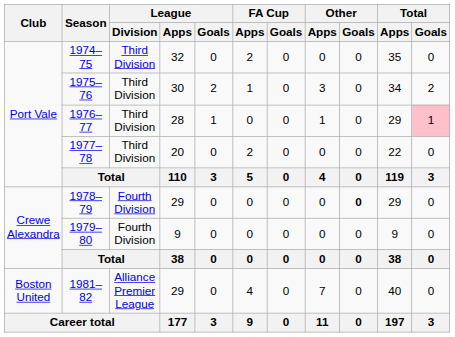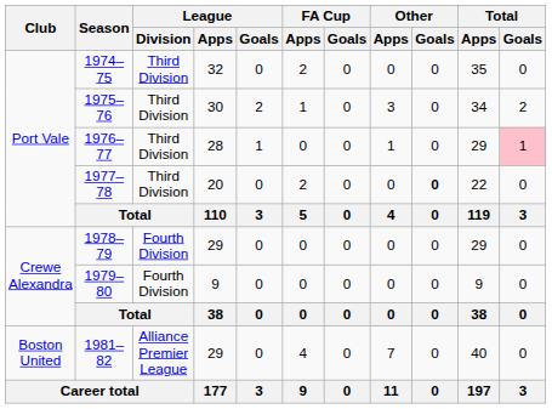 <table class="wikitable" style="text-align: center;">
 <tr>
 <th rowspan="2">Club</th>
 <th rowspan="2">Season</th>
 <th colspan="3">League</th>
 <th colspan="2">FA Cup</th>
 <th colspan="2">Other</th>
 <th colspan="2">Total</th>
 </tr>
 <tr>
 <th>Division</th>
 <th>Apps</th>
 <th>Goals</th>
 <th>Apps</th>
 <th>Goals</th>
 <th>Apps</th>
 <th>Goals</th>
 <th>Apps</th>
 <th>Goals</th>
 </tr>
 <tr>
 <td rowspan="5"><a href='#'>Port Vale</a></td>
 <td><a href='#'>1974–75</a></td>
 <td><a href='#'>Third Division</a></td>
 <td>32</td>
 <td>0</td>
 <td>2</td>
 <td>0</td>
 <td>0</td>
 <td>0</td>
 <td>35</td>
 <td>0</td>
 </tr>
 <tr>
 <td><a href='#'>1975–76</a></td>
 <td>Third Division</td>
 <td>30</td>
 <td>2</td>
 <td>1</td>
 <td>0</td>
 <td>3</td>
 <td>0</td>
 <td>34</td>
 <td>2</td>
 </tr>
 <tr>
 <td><a href='#'>1976–77</a></td>
 <td>Third Division</td>
 <td>28</td>
 <td>1</td>
 <td>0</td>
 <td>0</td>
 <td>1</td>
 <td>0</td>
 <td>29</td>
 <td style="background: pink;">1</td>
 </tr>
 <tr>
 <td><a href='#'>1977–78</a></td>
 <td>Third Division</td>
 <td>20</td>
 <td>0</td>
 <td>2</td>
 <td>0</td>
 <td>0</td>
-<td>0</td>
+<td><strong>0</strong></td>
 <td>22</td>
 <td>0</td>
 </tr>
 <tr>
 <th colspan="2">Total</th>
 <th>110</th>
 <th>3</th>
 <th>5</th>
 <th>0</th>
 <th>4</th>
 <th>0</th>
 <th>119</th>
 <th>3</th>
 </tr>
 <tr>
 <td rowspan="3"><a href='#'>Crewe Alexandra</a></td>
 <td><a href='#'>1978–79</a></td>
 <td><a href='#'>Fourth Division</a></td>
 <td>29</td>
 <td>0</td>
 <td>0</td>
 <td>0</td>
 <td>0</td>
-<td><strong>0</strong></td>
+<td>0</td>
 <td>29</td>
 <td>0</td>
 </tr>
 <tr>
 <td><a href='#'>1979–80</a></td>
 <td>Fourth Division</td>
 <td>9</td>
 <td>0</td>
 <td>0</td>
 <td>0</td>
 <td>0</td>
 <td>0</td>
 <td>9</td>
 <td>0</td>
 </tr>
 <tr>
 <th colspan="2">Total</th>
 <th>38</th>
 <th>0</th>
 <th>0</th>
 <th>0</th>
 <th>0</th>
 <th>0</th>
 <th>38</th>
 <th>0</th>
 </tr>
 <tr>
 <td><a href='#'>Boston United</a></td>
 <td><a href='#'>1981–82</a></td>
 <td><a href='#'>Alliance Premier League</a></td>
 <td>29</td>
 <td>0</td>
 <td>4</td>
 <td>0</td>
 <td>7</td>
 <td>0</td>
 <td>40</td>
 <td>0</td>
 </tr>
 <tr>
 <th colspan="3">Career total</th>
 <th>177</th>
 <th>3</th>
 <th>9</th>
 <th>0</th>
 <th>11</th>
 <th>0</th>
 <th>197</th>
 <th>3</th>
 </tr>
 </table>
